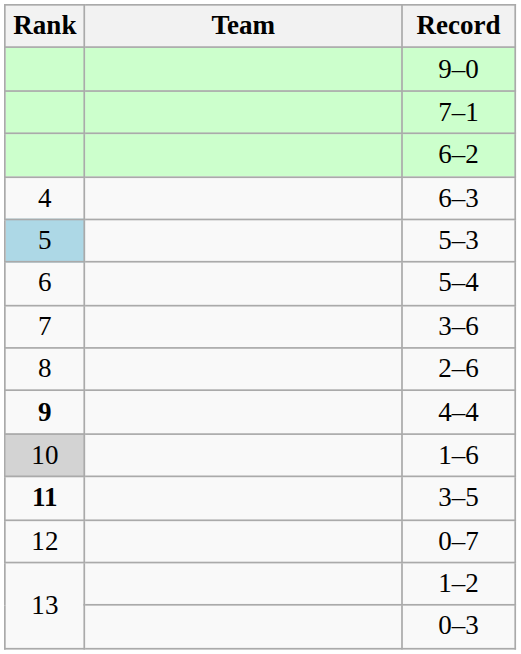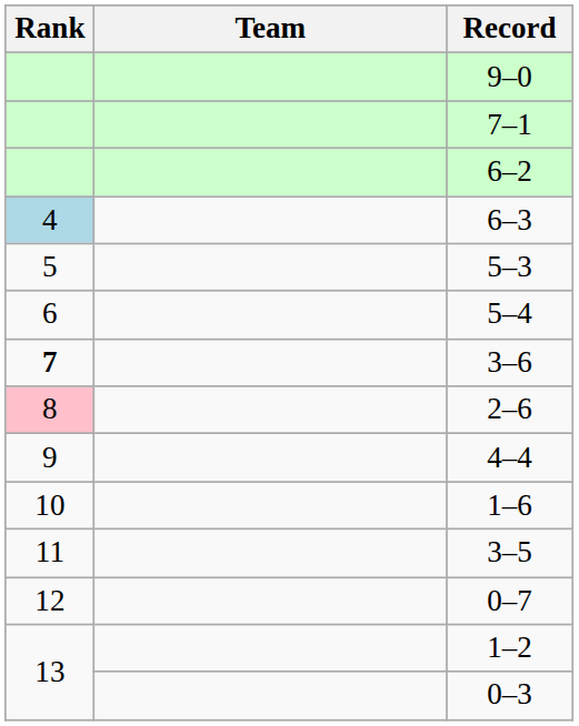 <table class="wikitable" style="text-align: center;">
 <tr>
 <th width=40>Rank</th>
 <th width=180>Team</th>
 <th width=60>Record</th>
 </tr>
 <tr bgcolor="#ccffcc">
 <td></td>
 <td align="left"></td>
 <td>9–0</td>
 </tr>
 <tr bgcolor="#ccffcc">
 <td></td>
 <td align="left"></td>
 <td>7–1</td>
 </tr>
 <tr bgcolor="#ccffcc">
 <td></td>
 <td align="left"></td>
 <td>6–2</td>
 </tr>
 <tr>
-<td>4</td>
+<td style="background: lightblue;">4</td>
 <td align="left"></td>
 <td>6–3</td>
 </tr>
 <tr>
-<td style="background: lightblue;">5</td>
+<td>5</td>
 <td align="left"></td>
 <td>5–3</td>
 </tr>
 <tr>
 <td>6</td>
 <td align="left"></td>
 <td>5–4</td>
 </tr>
 <tr>
-<td>7</td>
+<td><strong>7</strong></td>
 <td align="left"></td>
 <td>3–6</td>
 </tr>
 <tr>
-<td>8</td>
+<td style="background: pink;">8</td>
 <td align="left"></td>
 <td>2–6</td>
 </tr>
 <tr>
-<td><strong>9</strong></td>
+<td>9</td>
 <td align="left"></td>
 <td>4–4</td>
 </tr>
 <tr>
-<td style="background: lightgrey;">10</td>
+<td>10</td>
 <td align="left"></td>
 <td>1–6</td>
 </tr>
 <tr>
-<td><strong>11</strong></td>
+<td>11</td>
 <td align="left"></td>
 <td>3–5</td>
 </tr>
 <tr>
 <td>12</td>
 <td align="left"></td>
 <td>0–7</td>
 </tr>
 <tr>
 <td rowspan=2>13</td>
 <td align="left"></td>
 <td>1–2</td>
 </tr>
 <tr>
 <td align="left"></td>
 <td>0–3</td>
 </tr>
 </table>
